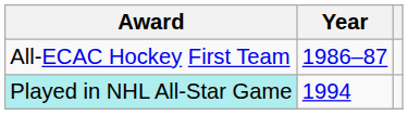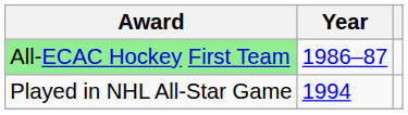 <table class="wikitable">
 <tr>
 <th>Award</th>
 <th>Year</th>
 <th></th>
 </tr>
 <tr>
-<td>All-<a href='#'>ECAC Hockey</a> <a href='#'>First Team</a></td>
+<td style="background: lightgreen;">All-<a href='#'>ECAC Hockey</a> <a href='#'>First Team</a></td>
 <td><a href='#'>1986–87</a></td>
 <td></td>
 </tr>
 <tr>
-<td style="background: paleturquoise;">Played in NHL All-Star Game</td>
+<td>Played in NHL All-Star Game</td>
 <td><a href='#'>1994</a></td>
 <td></td>
 </tr>
 <tr>
 </tr>
 </table>
